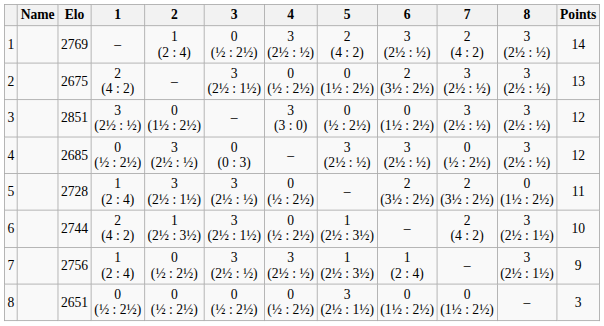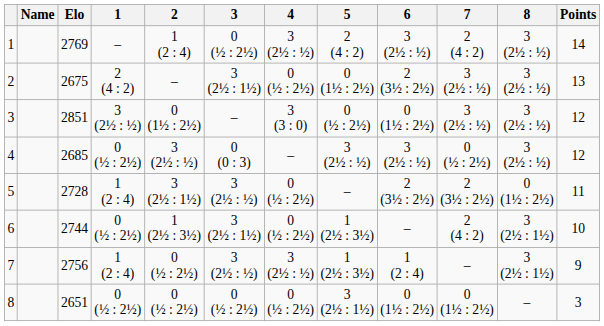 <table class='wikitable' style="text-align:center">
 <tr>
 <th></th>
 <th>Name</th>
 <th>Elo</th>
 <th>1</th>
 <th>2</th>
 <th>3</th>
 <th>4</th>
 <th>5</th>
 <th>6</th>
 <th>7</th>
 <th>8</th>
 <th>Points</th>
 </tr>
 <tr>
 <td>1</td>
 <td style='text-align:left;' data-sort-value='Duda'></td>
 <td>2769</td>
 <td>–</td>
 <td>1<br>(2 : 4)</td>
 <td>0<br>(½ : 2½)</td>
 <td>3<br>(2½ : ½)</td>
 <td>2<br>(4 : 2)</td>
 <td>3<br>(2½ : ½)</td>
 <td>2<br>(4 : 2)</td>
 <td>3<br>(2½ : ½)</td>
 <td>14</td>
 </tr>
 <tr>
 <td>2</td>
 <td style='text-align:left;' data-sort-value='Lê'></td>
 <td>2675</td>
 <td>2<br>(4 : 2)</td>
 <td>–</td>
 <td>3<br>(2½ : 1½)</td>
 <td>0<br>(½ : 2½)</td>
 <td>0<br>(1½ : 2½)</td>
 <td>2<br>(3½ : 2½)</td>
 <td>3<br>(2½ : ½)</td>
 <td>3<br>(2½ : ½)</td>
 <td>13</td>
 </tr>
 <tr>
 <td>3</td>
 <td style='text-align:left;' data-sort-value='Carlsen'></td>
 <td>2851</td>
 <td>3<br>(2½ : ½)</td>
 <td>0<br>(1½ : 2½)</td>
 <td>–</td>
 <td>3<br>(3 : 0)</td>
 <td>0<br>(½ : 2½)</td>
 <td>0<br>(1½ : 2½)</td>
 <td>3<br>(2½ : ½)</td>
 <td>3<br>(2½ : ½)</td>
 <td>12</td>
 </tr>
 <tr>
 <td>4</td>
 <td style='text-align:left;' data-sort-value='Praggnanandhaa'></td>
 <td>2685</td>
 <td>0<br>(½ : 2½)</td>
 <td>3<br>(2½ : ½)</td>
 <td>0<br>(0 : 3)</td>
 <td>–</td>
 <td>3<br>(2½ : ½)</td>
 <td>3<br>(2½ : ½)</td>
 <td>0<br>(½ : 2½)</td>
 <td>3<br>(2½ : ½)</td>
 <td>12</td>
 </tr>
 <tr>
 <td>5</td>
 <td style='text-align:left;' data-sort-value='Mamedyarov'></td>
 <td>2728</td>
 <td>1<br>(2 : 4)</td>
 <td>3<br>(2½ : 1½)</td>
 <td>3<br>(2½ : ½)</td>
 <td>0<br>(½ : 2½)</td>
 <td>–</td>
 <td>2<br>(3½ : 2½)</td>
 <td>2<br>(3½ : 2½)</td>
 <td>0<br>(1½ : 2½)</td>
 <td>11</td>
 </tr>
 <tr>
 <td>6</td>
 <td style='text-align:left;' data-sort-value='van Foreest'></td>
 <td>2744</td>
-<td>2<br>(4 : 2)</td>
+<td>0<br>(½ : 2½)</td>
 <td>1<br>(2½ : 3½)</td>
 <td>3<br>(2½ : 1½)</td>
 <td>0<br>(½ : 2½)</td>
 <td>1<br>(2½ : 3½)</td>
 <td>–</td>
 <td>2<br>(4 : 2)</td>
 <td>3<br>(2½ : 1½)</td>
 <td>10</td>
 </tr>
 <tr>
 <td>7</td>
 <td style='text-align:left;' data-sort-value='Giri'></td>
 <td>2756</td>
 <td>1<br>(2 : 4)</td>
 <td>0<br>(½ : 2½)</td>
 <td>3<br>(2½ : ½)</td>
 <td>3<br>(2½ : ½)</td>
 <td>1<br>(2½ : 3½)</td>
 <td>1<br>(2 : 4)</td>
 <td>–</td>
 <td>3<br>(2½ : 1½)</td>
 <td>9</td>
 </tr>
 <tr>
 <td>8</td>
 <td style='text-align:left;' data-sort-value='Hansen'></td>
 <td>2651</td>
 <td>0<br>(½ : 2½)</td>
 <td>0<br>(½ : 2½)</td>
 <td>0<br>(½ : 2½)</td>
 <td>0<br>(½ : 2½)</td>
 <td>3<br>(2½ : 1½)</td>
 <td>0<br>(1½ : 2½)</td>
 <td>0<br>(1½ : 2½)</td>
 <td>–</td>
 <td>3</td>
 </tr>
 </table>
